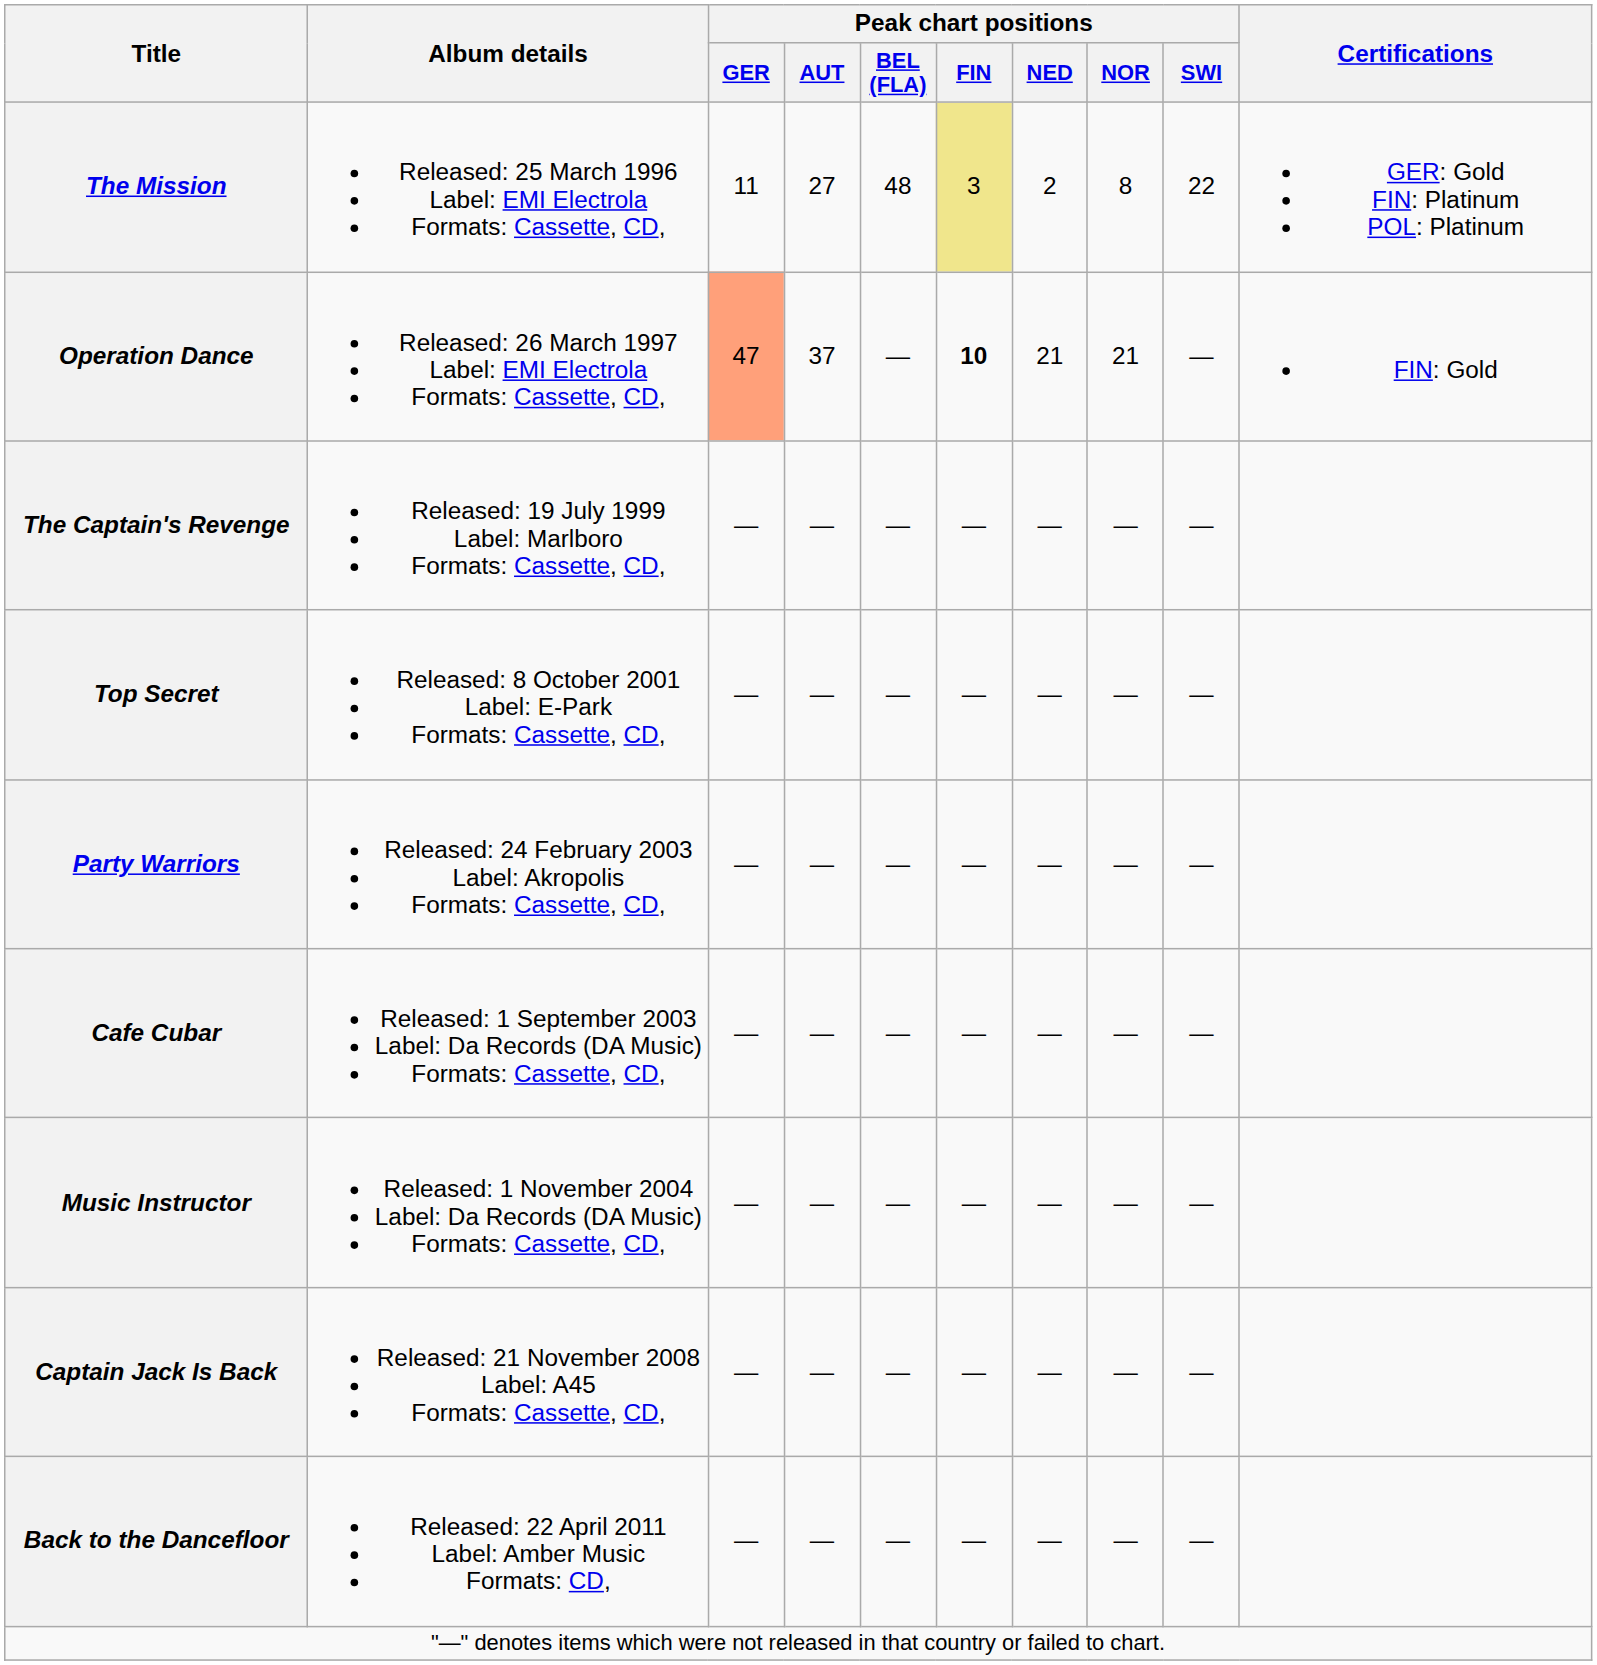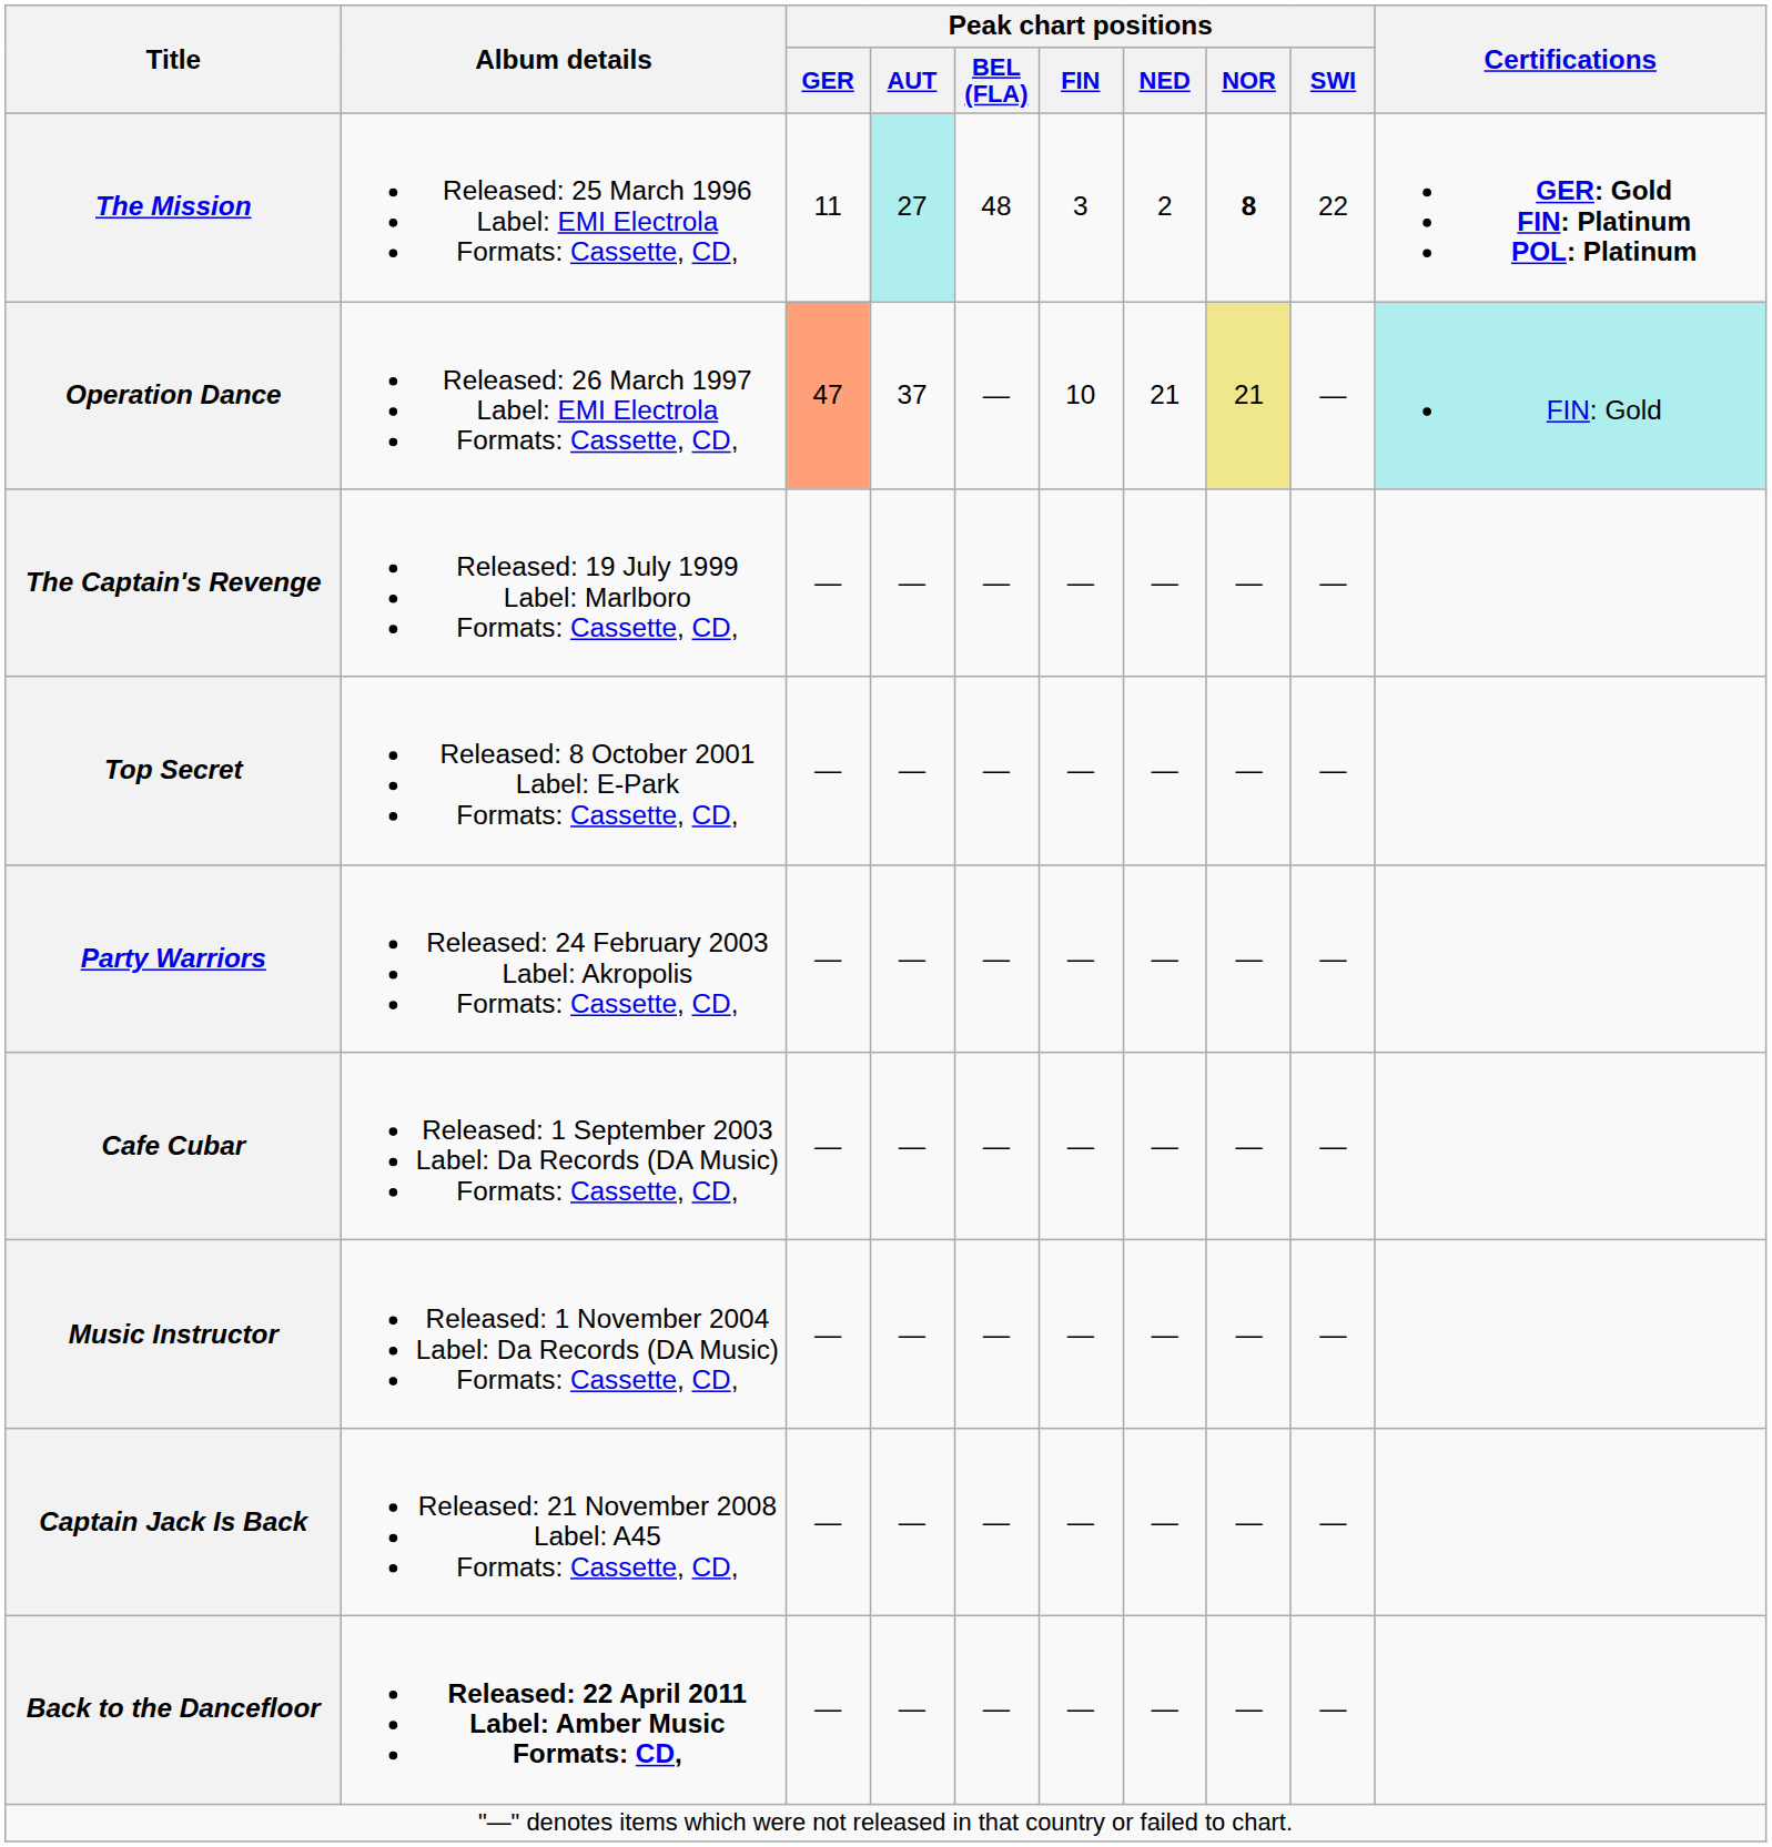 <table class="wikitable plainrowheaders" style="text-align:center;">
 <tr>
 <th scope="col" rowspan="2" style="width:12em;">Title</th>
 <th scope="col" rowspan="2" style="width:16em;">Album details</th>
 <th scope="col" colspan="7">Peak chart positions</th>
 <th scope="col" rowspan="2" style="width:14em;"><a href='#'>Certifications</a></th>
 </tr>
 <tr>
 <th scope="col" style="width:3em;font-size:90%;"><a href='#'>GER</a><br></th>
 <th scope="col" style="width:3em;font-size:90%;"><a href='#'>AUT</a><br></th>
 <th scope="col" style="width:3em;font-size:90%;"><a href='#'>BEL (FLA)</a><br></th>
 <th scope="col" style="width:3em;font-size:90%;"><a href='#'>FIN</a><br></th>
 <th scope="col" style="width:3em;font-size:90%;"><a href='#'>NED</a><br></th>
 <th scope="col" style="width:3em;font-size:90%;"><a href='#'>NOR</a><br></th>
 <th scope="col" style="width:3em;font-size:90%;"><a href='#'>SWI</a><br></th>
 </tr>
 <tr>
 <th scope="row"><em><a href='#'>The Mission</a></em></th>
 <td><br><ul><li>Released: 25 March 1996</li><li>Label: <a href='#'>EMI Electrola</a></li><li>Formats: <a href='#'>Cassette</a>, <a href='#'>CD</a>,</li></ul></td>
 <td>11</td>
-<td>27</td>
+<td style="background: paleturquoise;">27</td>
 <td>48</td>
-<td style="background: khaki;">3</td>
+<td>3</td>
 <td>2</td>
-<td>8</td>
+<td><strong>8</strong></td>
 <td>22</td>
-<td><br><ul><li><a href='#'>GER</a>: Gold</li><li><a href='#'>FIN</a>: Platinum</li><li><a href='#'>POL</a>: Platinum</li></ul></td>
+<td><strong><br><ul><li><a href='#'>GER</a>: Gold</li><li><a href='#'>FIN</a>: Platinum</li><li><a href='#'>POL</a>: Platinum</li></ul></strong></td>
 </tr>
 <tr>
 <th scope="row"><em>Operation Dance</em></th>
 <td><br><ul><li>Released: 26 March 1997</li><li>Label: <a href='#'>EMI Electrola</a></li><li>Formats: <a href='#'>Cassette</a>, <a href='#'>CD</a>,</li></ul></td>
 <td style="background: lightsalmon;">47</td>
 <td>37</td>
 <td>—</td>
-<td><strong>10</strong></td>
+<td>10</td>
 <td>21</td>
-<td>21</td>
+<td style="background: khaki;">21</td>
 <td>—</td>
-<td><br><ul><li><a href='#'>FIN</a>: Gold</li></ul></td>
+<td style="background: paleturquoise;"><br><ul><li><a href='#'>FIN</a>: Gold</li></ul></td>
 </tr>
 <tr>
 <th scope="row"><em>The Captain's Revenge</em></th>
 <td><br><ul><li>Released: 19 July 1999</li><li>Label: Marlboro</li><li>Formats: <a href='#'>Cassette</a>, <a href='#'>CD</a>,</li></ul></td>
 <td>—</td>
 <td>—</td>
 <td>—</td>
 <td>—</td>
 <td>—</td>
 <td>—</td>
 <td>—</td>
 <td></td>
 </tr>
 <tr>
 <th scope="row"><em>Top Secret</em></th>
 <td><br><ul><li>Released: 8 October 2001</li><li>Label: E-Park</li><li>Formats: <a href='#'>Cassette</a>, <a href='#'>CD</a>,</li></ul></td>
 <td>—</td>
 <td>—</td>
 <td>—</td>
 <td>—</td>
 <td>—</td>
 <td>—</td>
 <td>—</td>
 <td></td>
 </tr>
 <tr>
 <th scope="row"><em><a href='#'>Party Warriors</a></em></th>
 <td><br><ul><li>Released: 24 February 2003</li><li>Label: Akropolis</li><li>Formats: <a href='#'>Cassette</a>, <a href='#'>CD</a>,</li></ul></td>
 <td>—</td>
 <td>—</td>
 <td>—</td>
 <td>—</td>
 <td>—</td>
 <td>—</td>
 <td>—</td>
 <td></td>
 </tr>
 <tr>
 <th scope="row"><em>Cafe Cubar</em></th>
 <td><br><ul><li>Released: 1 September 2003</li><li>Label: Da Records (DA Music)</li><li>Formats: <a href='#'>Cassette</a>, <a href='#'>CD</a>,</li></ul></td>
 <td>—</td>
 <td>—</td>
 <td>—</td>
 <td>—</td>
 <td>—</td>
 <td>—</td>
 <td>—</td>
 <td></td>
 </tr>
 <tr>
 <th scope="row"><em>Music Instructor</em></th>
 <td><br><ul><li>Released: 1 November 2004</li><li>Label: Da Records (DA Music)</li><li>Formats: <a href='#'>Cassette</a>, <a href='#'>CD</a>,</li></ul></td>
 <td>—</td>
 <td>—</td>
 <td>—</td>
 <td>—</td>
 <td>—</td>
 <td>—</td>
 <td>—</td>
 <td></td>
 </tr>
 <tr>
 <th scope="row"><em>Captain Jack Is Back</em></th>
 <td><br><ul><li>Released: 21 November 2008</li><li>Label: A45</li><li>Formats: <a href='#'>Cassette</a>, <a href='#'>CD</a>,</li></ul></td>
 <td>—</td>
 <td>—</td>
 <td>—</td>
 <td>—</td>
 <td>—</td>
 <td>—</td>
 <td>—</td>
 <td></td>
 </tr>
 <tr>
 <th scope="row"><em>Back to the Dancefloor</em></th>
-<td><br><ul><li>Released: 22 April 2011</li><li>Label: Amber Music</li><li>Formats:  <a href='#'>CD</a>,</li></ul></td>
+<td><strong><br><ul><li>Released: 22 April 2011</li><li>Label: Amber Music</li><li>Formats:  <a href='#'>CD</a>,</li></ul></strong></td>
 <td>—</td>
 <td>—</td>
 <td>—</td>
 <td>—</td>
 <td>—</td>
 <td>—</td>
 <td>—</td>
 <td></td>
 </tr>
 <tr>
 <td colspan="14" style="text-align:center; font-size:90%;">"—" denotes items which were not released in that country or failed to chart.</td>
 </tr>
 </table>
